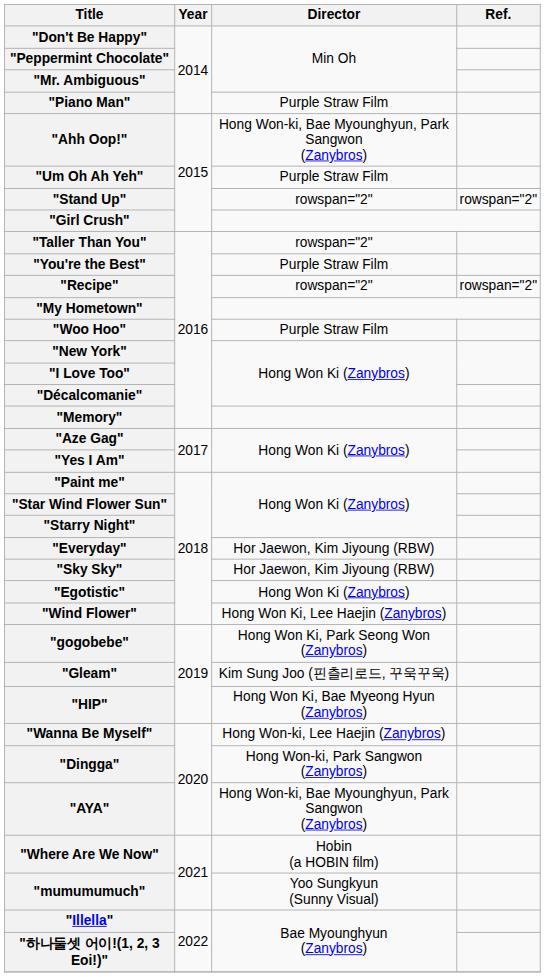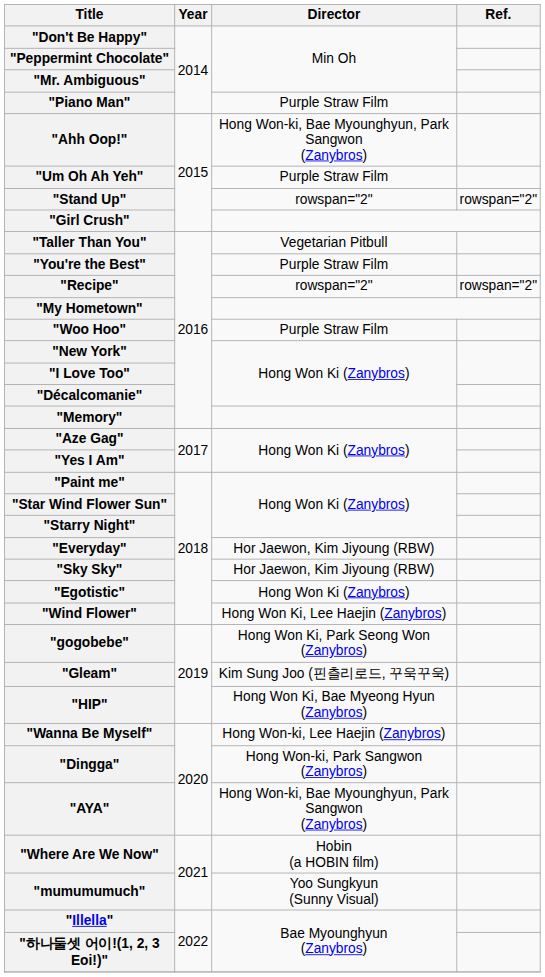 <table class="wikitable plainrowheaders" style="text-align:center; table-layout:fixed; margin-right:0">
 <tr>
 <th scope="col">Title</th>
 <th scope="col">Year</th>
 <th scope="col">Director</th>
 <th scope="col">Ref.</th>
 </tr>
 <tr>
 <th scope="row">"Don't Be Happy" </th>
 <td rowspan="4">2014</td>
 <td rowspan="3">Min Oh</td>
 <td></td>
 </tr>
 <tr>
 <th scope="row">"Peppermint Chocolate" </th>
 <td></td>
 </tr>
 <tr>
 <th scope="row">"Mr. Ambiguous"</th>
 <td></td>
 </tr>
 <tr>
 <th scope="row">"Piano Man"</th>
 <td>Purple Straw Film</td>
 <td></td>
 </tr>
 <tr>
 <th scope="row">"Ahh Oop!" </th>
 <td rowspan="4">2015</td>
 <td>Hong Won-ki, Bae Myounghyun, Park Sangwon<br>(<a href='#'>Zanybros</a>)</td>
 <td></td>
 </tr>
 <tr>
 <th scope="row">"Um Oh Ah Yeh"</th>
 <td>Purple Straw Film</td>
 <td></td>
 </tr>
 <tr>
 <th scope="row">"Stand Up" </th>
 <td>rowspan="2" </td>
 <td>rowspan="2" </td>
 </tr>
 <tr>
 <th scope="row">"Girl Crush"</th>
 </tr>
 <tr>
 <th scope="row">"Taller Than You"</th>
 <td rowspan="9">2016</td>
-<td>rowspan="2" </td>
+<td>Vegetarian Pitbull</td>
 <td></td>
 </tr>
 <tr>
 <th scope="row">"You're the Best"</th>
 <td>Purple Straw Film</td>
 <td></td>
 </tr>
 <tr>
 <th scope="row">"Recipe"</th>
 <td>rowspan="2" </td>
 <td>rowspan="2" </td>
 </tr>
 <tr>
 <th scope="row">"My Hometown"</th>
 </tr>
 <tr>
 <th scope="row">"Woo Hoo"</th>
 <td>Purple Straw Film</td>
 <td></td>
 </tr>
 <tr>
 <th scope="row">"New York"</th>
 <td rowspan="3">Hong Won Ki (<a href='#'>Zanybros</a>)</td>
 <td rowspan="2"></td>
 </tr>
 <tr>
 <th scope="row">"I Love Too"</th>
 </tr>
 <tr>
 <th scope="row">"Décalcomanie"</th>
 <td></td>
 </tr>
 <tr>
 <th scope="row">"Memory"</th>
 <td></td>
 <td></td>
 </tr>
 <tr>
 <th scope="row">"Aze Gag"</th>
 <td rowspan="2">2017</td>
 <td rowspan="2">Hong Won Ki (<a href='#'>Zanybros</a>)</td>
 <td></td>
 </tr>
 <tr>
 <th scope="row">"Yes I Am"</th>
 <td></td>
 </tr>
 <tr>
 <th scope="row">"Paint me"</th>
 <td rowspan="7">2018</td>
 <td rowspan="3">Hong Won Ki (<a href='#'>Zanybros</a>)</td>
 <td></td>
 </tr>
 <tr>
 <th scope="row">"Star Wind Flower Sun"</th>
 <td></td>
 </tr>
 <tr>
 <th scope="row">"Starry Night"</th>
 <td></td>
 </tr>
 <tr>
 <th scope="row">"Everyday"</th>
 <td>Hor Jaewon, Kim Jiyoung (RBW)</td>
 <td></td>
 </tr>
 <tr>
 <th scope="row">"Sky Sky"</th>
 <td>Hor Jaewon, Kim Jiyoung (RBW)</td>
 <td></td>
 </tr>
 <tr>
 <th scope="row">"Egotistic"</th>
 <td>Hong Won Ki (<a href='#'>Zanybros</a>)</td>
 <td></td>
 </tr>
 <tr>
 <th scope="row">"Wind Flower"</th>
 <td>Hong Won Ki, Lee Haejin (<a href='#'>Zanybros</a>)</td>
 <td></td>
 </tr>
 <tr>
 <th scope="row">"gogobebe"</th>
 <td rowspan="3">2019</td>
 <td>Hong Won Ki, Park Seong Won (<a href='#'>Zanybros</a>)</td>
 <td></td>
 </tr>
 <tr>
 <th scope="row">"Gleam"</th>
 <td>Kim Sung Joo (핀츨리로드, 꾸욱꾸욱)</td>
 <td></td>
 </tr>
 <tr>
 <th scope="row">"HIP"</th>
 <td>Hong Won Ki, Bae Myeong Hyun (<a href='#'>Zanybros</a>)</td>
 <td></td>
 </tr>
 <tr>
 <th scope="row">"Wanna Be Myself"</th>
 <td rowspan="3">2020</td>
 <td>Hong Won-ki, Lee Haejin (<a href='#'>Zanybros</a>)</td>
 <td></td>
 </tr>
 <tr>
 <th scope="row">"Dingga"</th>
 <td>Hong Won-ki, Park Sangwon<br>(<a href='#'>Zanybros</a>)</td>
 <td></td>
 </tr>
 <tr>
 <th scope="row">"AYA"</th>
 <td>Hong Won-ki, Bae Myounghyun, Park Sangwon<br>(<a href='#'>Zanybros</a>)</td>
 <td></td>
 </tr>
 <tr>
 <th scope="row">"Where Are We Now"</th>
 <td rowspan="2">2021</td>
 <td>Hobin<br>(a HOBIN film)</td>
 <td></td>
 </tr>
 <tr>
 <th scope="row">"mumumumuch"</th>
 <td>Yoo Sungkyun<br>(Sunny Visual)</td>
 <td></td>
 </tr>
 <tr>
 <th scope="row">"<a href='#'>Illella</a>"</th>
 <td rowspan="2">2022</td>
 <td rowspan="2">Bae Myounghyun<br>(<a href='#'>Zanybros</a>)</td>
 <td></td>
 </tr>
 <tr>
 <th scope="row">"하나둘셋 어이!(1, 2, 3 Eoi!)"</th>
 <td></td>
 </tr>
 <tr>
 </tr>
 </table>
